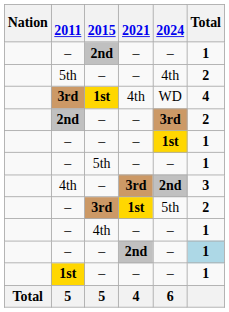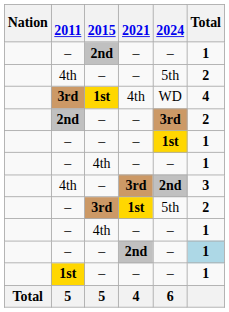 <table class="wikitable" style="text-align:center">
 <tr>
 <th>Nation</th>
 <th><br><a href='#'>2011</a></th>
 <th><br><a href='#'>2015</a></th>
 <th><br><a href='#'>2021</a></th>
 <th><br><a href='#'>2024</a></th>
 <th>Total</th>
 </tr>
 <tr>
 <td align=left></td>
 <td>–</td>
 <td bgcolor=silver><strong>2nd</strong></td>
 <td>–</td>
 <td>–</td>
 <td><strong>1</strong></td>
 </tr>
 <tr>
 <td align=left></td>
-<td>5th</td>
+<td>4th</td>
 <td>–</td>
 <td>–</td>
-<td>4th</td>
+<td>5th</td>
 <td><strong>2</strong></td>
 </tr>
 <tr>
 <td align=left></td>
 <td bgcolor=#cc9966><strong>3rd</strong></td>
 <td bgcolor=gold><strong>1st</strong></td>
 <td>4th</td>
 <td>WD</td>
 <td><strong>4</strong></td>
 </tr>
 <tr>
 <td align=left></td>
 <td bgcolor=silver><strong>2nd</strong></td>
 <td>–</td>
 <td>–</td>
 <td bgcolor=cc9966><strong>3rd</strong></td>
 <td><strong>2</strong></td>
 </tr>
 <tr>
 <td align=left></td>
 <td>–</td>
 <td>–</td>
 <td>–</td>
 <td bgcolor=gold><strong>1st</strong></td>
 <td><strong>1</strong></td>
 </tr>
 <tr>
 <td align=left></td>
 <td>–</td>
-<td>5th</td>
+<td>4th</td>
 <td>–</td>
 <td>–</td>
 <td><strong>1</strong></td>
 </tr>
 <tr>
 <td align=left></td>
 <td>4th</td>
 <td>–</td>
 <td bgcolor=cc9966><strong>3rd</strong></td>
 <td bgcolor=silver><strong>2nd</strong></td>
 <td><strong>3</strong></td>
 </tr>
 <tr>
 <td align=left></td>
 <td>–</td>
 <td bgcolor=#cc9966><strong>3rd</strong></td>
 <td bgcolor=gold><strong>1st</strong></td>
 <td>5th</td>
 <td><strong>2</strong></td>
 </tr>
 <tr>
 <td align=left></td>
 <td>–</td>
 <td>4th</td>
 <td>–</td>
 <td>–</td>
 <td><strong>1</strong></td>
 </tr>
 <tr>
 <td align=left></td>
 <td>–</td>
 <td>–</td>
 <td bgcolor=silver><strong>2nd</strong></td>
 <td>–</td>
 <td style="background: lightblue;"><strong>1</strong></td>
 </tr>
 <tr>
 <td align=left></td>
 <td bgcolor=gold><strong>1st</strong></td>
 <td>–</td>
 <td>–</td>
 <td>–</td>
 <td><strong>1</strong></td>
 </tr>
 <tr>
 <th>Total</th>
 <th>5</th>
 <th>5</th>
 <th>4</th>
 <th>6</th>
 <th></th>
 </tr>
 </table>
